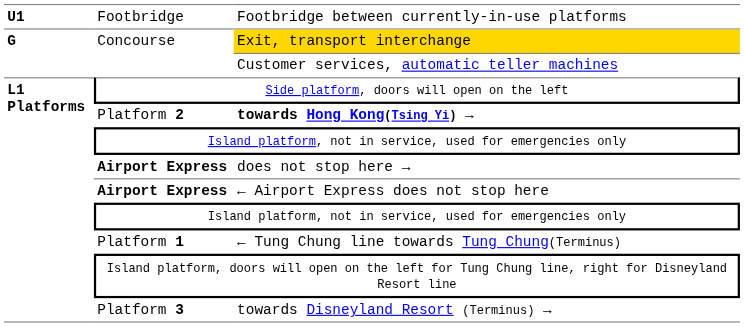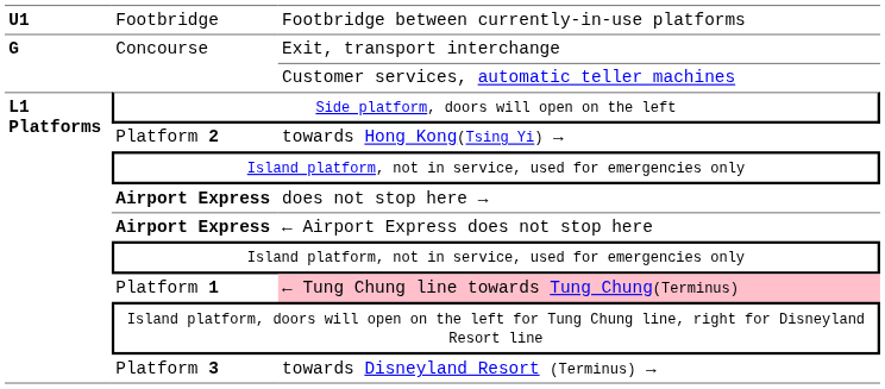 <table border=0 cellspacing=0 cellpadding=3>
 <tr>
 <td style="border-bottom:solid 1px gray;border-top:solid 1px gray;width:75px;vertical-align:top;"><strong>U1</strong></td>
 <td style="border-top:solid 1px gray;border-bottom:solid 1px gray;width:120px;vertical-align:top;">Footbridge</td>
 <td style="border-top:solid 1px gray;border-bottom:solid 1px gray;width:450px;vertical-align:top;">Footbridge between currently-in-use platforms</td>
 </tr>
 <tr>
 <td rowspan=2 valign=top><strong>G</strong></td>
 <td rowspan=2 valign=top>Concourse</td>
-<td style="background: gold; border-bottom:solid 1px gray;">Exit, transport interchange</td>
+<td style="border-bottom:solid 1px gray;">Exit, transport interchange</td>
 </tr>
 <tr>
 <td>Customer services, <a href='#'>automatic teller machines</a></td>
 </tr>
 <tr>
 <td style="border-top:solid 1px gray;border-bottom:solid 1px gray;vertical-align:top;" rowspan=9><strong>L1<br>Platforms</strong></td>
 <td style="border-top:solid 1px gray;border-right:solid 2px black;border-left:solid 2px black;border-bottom:solid gray2px black;border-bottom:solid 2px black;text-align:center;" colspan=2><small><a href='#'>Side platform</a>, doors will open on the left</small></td>
 </tr>
 <tr>
 <td>Platform <span><strong>2</strong></span></td>
-<td><strong>  towards <a href='#'>Hong Kong</a><small>(<a href='#'>Tsing Yi</a>)</small> →</strong></td>
+<td>  towards <a href='#'>Hong Kong</a><small>(<a href='#'>Tsing Yi</a>)</small> →</td>
 </tr>
 <tr>
 <td style="border-top:solid 2px black;border-right:solid 2px black;border-left:solid 2px black;border-bottom:solid 2px black;text-align:center;" colspan=2><small><a href='#'>Island platform</a>, not in service, used for emergencies only</small></td>
 </tr>
 <tr>
 <td style="border-bottom:solid 1px gray;"><span><strong>Airport Express</strong></span></td>
 <td style="border-bottom:solid 1px gray;">  does not stop here →</td>
 </tr>
 <tr>
 <td><span><strong>Airport Express</strong></span></td>
 <td>←  Airport Express does not stop here</td>
 </tr>
 <tr>
 <td style="border-top:solid 2px black;border-right:solid 2px black;border-left:solid 2px black;border-bottom:solid 2px black;text-align:center;" colspan=2><small>Island platform, not in service, used for emergencies only</small></td>
 </tr>
 <tr>
 <td>Platform <span><strong>1</strong></span></td>
-<td>←  Tung Chung line towards <a href='#'>Tung Chung</a><small>(Terminus)</small></td>
+<td style="background: pink;">←  Tung Chung line towards <a href='#'>Tung Chung</a><small>(Terminus)</small></td>
 </tr>
 <tr>
 <td style="border-top:solid 2px black;border-right:solid 2px black;border-left:solid 2px black;border-bottom:solid 2px black;text-align:center;" colspan=2><small>Island platform, doors will open on the left for Tung Chung line, right for Disneyland Resort line</small></td>
 </tr>
 <tr>
 <td style="border-bottom:solid 1px gray;">Platform <span><strong>3</strong></span></td>
 <td style="border-bottom:solid 1px gray;">  towards <a href='#'>Disneyland Resort</a> <small>(Terminus)</small> →</td>
 </tr>
 </table>
